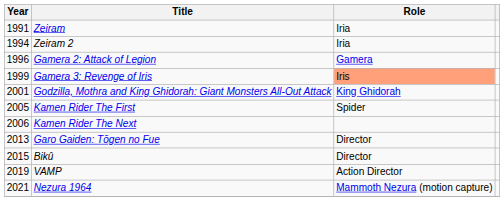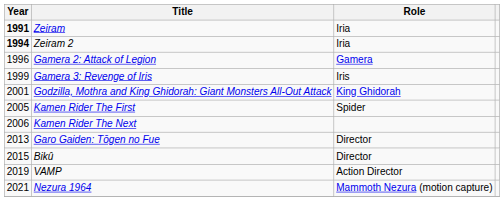 <table class="wikitable sortable">
 <tr>
 <th>Year</th>
 <th>Title</th>
 <th>Role</th>
 <th></th>
 </tr>
 <tr>
-<td>1991</td>
+<td><strong>1991</strong></td>
 <td><em><a href='#'>Zeiram</a></em></td>
 <td>Iria</td>
 <td></td>
 </tr>
 <tr>
-<td>1994</td>
+<td><strong>1994</strong></td>
 <td><em>Zeiram 2</em></td>
 <td>Iria</td>
 <td></td>
 </tr>
 <tr>
 <td>1996</td>
 <td><em><a href='#'>Gamera 2: Attack of Legion</a></em></td>
 <td><a href='#'>Gamera</a></td>
 <td></td>
 </tr>
 <tr>
 <td>1999</td>
 <td><em><a href='#'>Gamera 3: Revenge of Iris</a></em></td>
-<td style="background: lightsalmon;">Iris</td>
+<td>Iris</td>
 <td></td>
 </tr>
 <tr>
 <td>2001</td>
 <td><em><a href='#'>Godzilla, Mothra and King Ghidorah: Giant Monsters All-Out Attack</a></em></td>
 <td><a href='#'>King Ghidorah</a></td>
 <td></td>
 </tr>
 <tr>
 <td>2005</td>
 <td><em><a href='#'>Kamen Rider The First</a></em></td>
 <td>Spider</td>
 <td></td>
 </tr>
 <tr>
 <td>2006</td>
 <td><em><a href='#'>Kamen Rider The Next</a></em></td>
 <td></td>
 <td></td>
 </tr>
 <tr>
 <td>2013</td>
 <td><em><a href='#'>Garo Gaiden: Tōgen no Fue</a></em></td>
 <td>Director</td>
 <td></td>
 </tr>
 <tr>
 <td>2015</td>
 <td><em>Bikû</em></td>
 <td>Director</td>
 <td></td>
 </tr>
 <tr>
 <td>2019</td>
 <td><em>VAMP</em></td>
 <td>Action Director</td>
 <td></td>
 </tr>
 <tr>
 <td>2021</td>
 <td><em><a href='#'>Nezura 1964</a></em></td>
 <td><a href='#'>Mammoth Nezura</a> (motion capture)</td>
 <td></td>
 </tr>
 <tr>
 </tr>
 </table>
